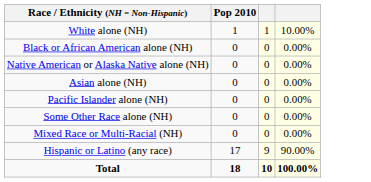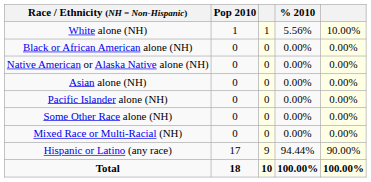 <table class="wikitable" style="text-align:center;">
 <tr>
 <th>Race / Ethnicity <small>(<em>NH = Non-Hispanic</em>)</small></th>
 <th>Pop 2010</th>
 <th></th>
+<th>% 2010</th>
 <th></th>
 </tr>
 <tr>
 <td><a href='#'>White</a> alone (NH)</td>
 <td>1</td>
 <td style='background: #ffffe6;'>1</td>
+<td>5.56%</td>
 <td style='background: #ffffe6;'>10.00%</td>
 </tr>
 <tr>
 <td><a href='#'>Black or African American</a> alone (NH)</td>
 <td>0</td>
 <td style='background: #ffffe6;'>0</td>
+<td>0.00%</td>
 <td style='background: #ffffe6;'>0.00%</td>
 </tr>
 <tr>
 <td><a href='#'>Native American</a> or <a href='#'>Alaska Native</a> alone (NH)</td>
 <td>0</td>
 <td style='background: #ffffe6;'>0</td>
+<td>0.00%</td>
 <td style='background: #ffffe6;'>0.00%</td>
 </tr>
 <tr>
 <td><a href='#'>Asian</a> alone (NH)</td>
 <td>0</td>
 <td style='background: #ffffe6;'>0</td>
+<td>0.00%</td>
 <td style='background: #ffffe6;'>0.00%</td>
 </tr>
 <tr>
 <td><a href='#'>Pacific Islander</a> alone (NH)</td>
 <td>0</td>
 <td style='background: #ffffe6;'>0</td>
+<td>0.00%</td>
 <td style='background: #ffffe6;'>0.00%</td>
 </tr>
 <tr>
 <td><a href='#'>Some Other Race</a> alone (NH)</td>
 <td>0</td>
 <td style='background: #ffffe6;'>0</td>
+<td>0.00%</td>
 <td style='background: #ffffe6;'>0.00%</td>
 </tr>
 <tr>
 <td><a href='#'>Mixed Race or Multi-Racial</a> (NH)</td>
 <td>0</td>
 <td style='background: #ffffe6;'>0</td>
+<td>0.00%</td>
 <td style='background: #ffffe6;'>0.00%</td>
 </tr>
 <tr>
 <td><a href='#'>Hispanic or Latino</a> (any race)</td>
 <td>17</td>
 <td style='background: #ffffe6;'>9</td>
+<td>94.44%</td>
 <td style='background: #ffffe6;'>90.00%</td>
 </tr>
 <tr>
 <td><strong>Total</strong></td>
 <td><strong>18</strong></td>
 <td style='background: #ffffe6;'><strong>10</strong></td>
+<td><strong>100.00%</strong></td>
 <td style='background: #ffffe6;'><strong>100.00%</strong></td>
 </tr>
 </table>
